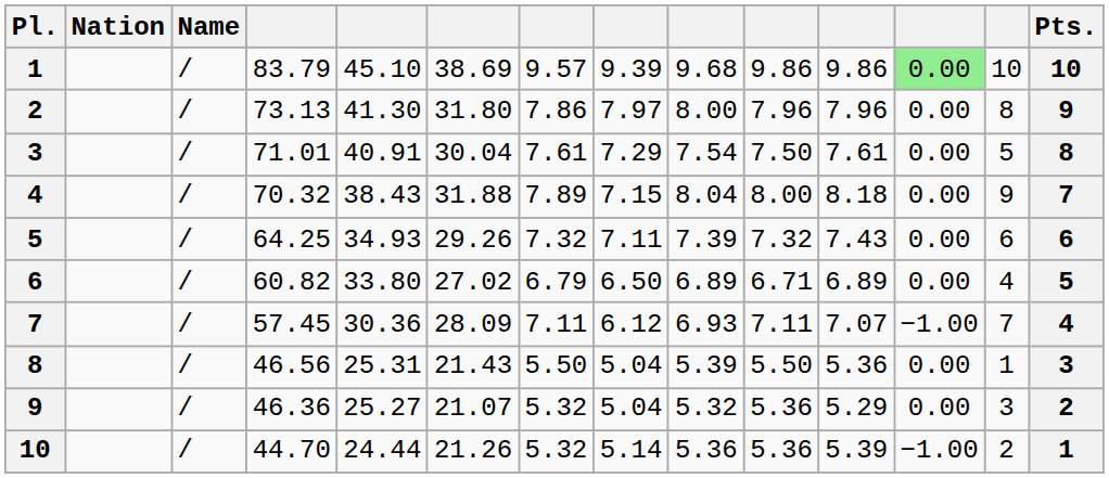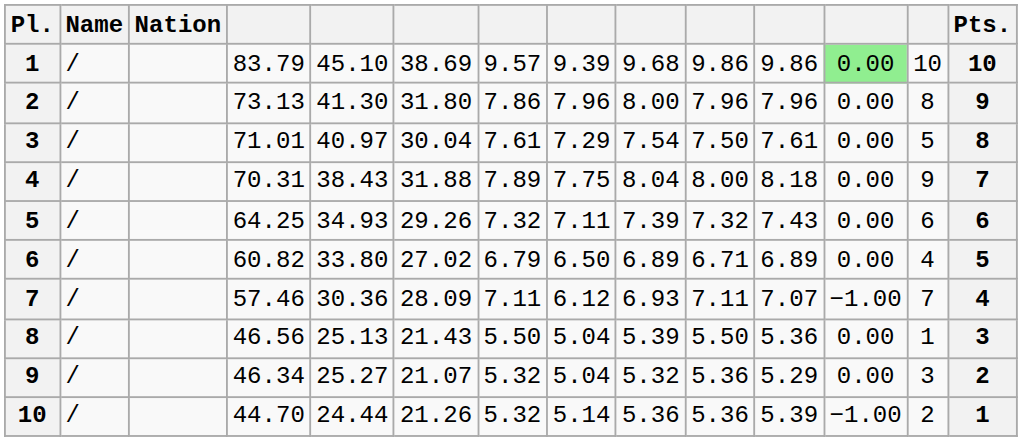 <table class="wikitable sortable" style="text-align:center">
 <tr>
 <th>Pl.</th>
+<th>Name</th>
 <th>Nation</th>
-<th>Name</th>
 <th></th>
 <th></th>
 <th></th>
 <th></th>
 <th></th>
 <th></th>
 <th></th>
 <th></th>
 <th></th>
 <th></th>
 <th>Pts.</th>
 </tr>
 <tr>
 <th>1</th>
+<td align=left> / </td>
 <td align=left></td>
-<td align=left> / </td>
 <td>83.79</td>
 <td>45.10</td>
 <td>38.69</td>
 <td>9.57</td>
 <td>9.39</td>
 <td>9.68</td>
 <td>9.86</td>
 <td>9.86</td>
 <td style="background: lightgreen;">0.00</td>
 <td>10</td>
 <th>10</th>
 </tr>
 <tr>
 <th>2</th>
+<td align=left> / </td>
 <td align=left></td>
-<td align=left> / </td>
 <td>73.13</td>
 <td>41.30</td>
 <td>31.80</td>
 <td>7.86</td>
-<td>7.97</td>
+<td>7.96</td>
 <td>8.00</td>
 <td>7.96</td>
 <td>7.96</td>
 <td>0.00</td>
 <td>8</td>
 <th>9</th>
 </tr>
 <tr>
 <th>3</th>
+<td align=left> / </td>
 <td align=left></td>
-<td align=left> / </td>
 <td>71.01</td>
-<td>40.91</td>
+<td>40.97</td>
 <td>30.04</td>
 <td>7.61</td>
 <td>7.29</td>
 <td>7.54</td>
 <td>7.50</td>
 <td>7.61</td>
 <td>0.00</td>
 <td>5</td>
 <th>8</th>
 </tr>
 <tr>
 <th>4</th>
+<td align=left> / </td>
 <td align=left></td>
-<td align=left> / </td>
-<td>70.32</td>
+<td>70.31</td>
 <td>38.43</td>
 <td>31.88</td>
 <td>7.89</td>
-<td>7.15</td>
+<td>7.75</td>
 <td>8.04</td>
 <td>8.00</td>
 <td>8.18</td>
 <td>0.00</td>
 <td>9</td>
 <th>7</th>
 </tr>
 <tr>
 <th>5</th>
+<td align=left> / </td>
 <td align=left></td>
-<td align=left> / </td>
 <td>64.25</td>
 <td>34.93</td>
 <td>29.26</td>
 <td>7.32</td>
 <td>7.11</td>
 <td>7.39</td>
 <td>7.32</td>
 <td>7.43</td>
 <td>0.00</td>
 <td>6</td>
 <th>6</th>
 </tr>
 <tr>
 <th>6</th>
+<td align=left> / </td>
 <td align=left></td>
-<td align=left> / </td>
 <td>60.82</td>
 <td>33.80</td>
 <td>27.02</td>
 <td>6.79</td>
 <td>6.50</td>
 <td>6.89</td>
 <td>6.71</td>
 <td>6.89</td>
 <td>0.00</td>
 <td>4</td>
 <th>5</th>
 </tr>
 <tr>
 <th>7</th>
+<td align=left> / </td>
 <td align=left></td>
-<td align=left> / </td>
-<td>57.45</td>
+<td>57.46</td>
 <td>30.36</td>
 <td>28.09</td>
 <td>7.11</td>
 <td>6.12</td>
 <td>6.93</td>
 <td>7.11</td>
 <td>7.07</td>
 <td>−1.00</td>
 <td>7</td>
 <th>4</th>
 </tr>
 <tr>
 <th>8</th>
+<td align=left> / </td>
 <td align=left></td>
-<td align=left> / </td>
 <td>46.56</td>
-<td>25.31</td>
+<td>25.13</td>
 <td>21.43</td>
 <td>5.50</td>
 <td>5.04</td>
 <td>5.39</td>
 <td>5.50</td>
 <td>5.36</td>
 <td>0.00</td>
 <td>1</td>
 <th>3</th>
 </tr>
 <tr>
 <th>9</th>
+<td align=left> / </td>
 <td align=left></td>
-<td align=left> / </td>
-<td>46.36</td>
+<td>46.34</td>
 <td>25.27</td>
 <td>21.07</td>
 <td>5.32</td>
 <td>5.04</td>
 <td>5.32</td>
 <td>5.36</td>
 <td>5.29</td>
 <td>0.00</td>
 <td>3</td>
 <th>2</th>
 </tr>
 <tr>
 <th>10</th>
+<td align=left> / </td>
 <td align=left></td>
-<td align=left> / </td>
 <td>44.70</td>
 <td>24.44</td>
 <td>21.26</td>
 <td>5.32</td>
 <td>5.14</td>
 <td>5.36</td>
 <td>5.36</td>
 <td>5.39</td>
 <td>−1.00</td>
 <td>2</td>
 <th>1</th>
 </tr>
 </table>
